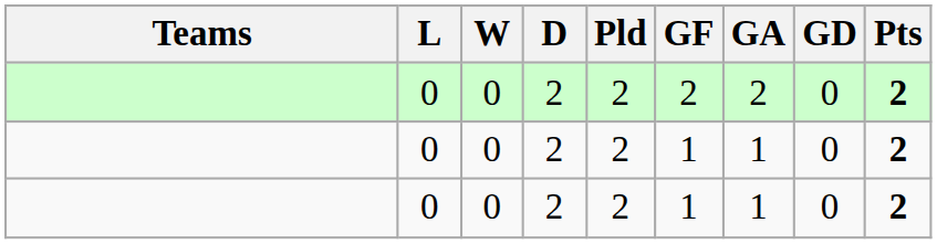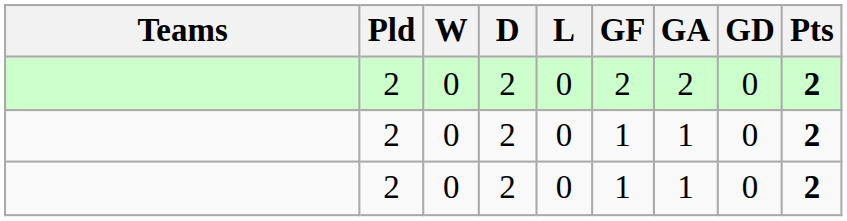 <table class="wikitable" style="text-align: center;">
 <tr>
 <th width=165>Teams</th>
-<th width=20>L</th>
+<th width=20>Pld</th>
 <th width=20>W</th>
 <th width=20>D</th>
-<th width=20>Pld</th>
+<th width=20>L</th>
 <th width=20>GF</th>
 <th width=20>GA</th>
 <th width=20>GD</th>
 <th width=20>Pts</th>
 </tr>
 <tr align=center style="background:#ccffcc;">
 <td style="text-align:left;"></td>
-<td>0</td>
+<td>2</td>
 <td>0</td>
 <td>2</td>
-<td>2</td>
+<td>0</td>
 <td>2</td>
 <td>2</td>
 <td>0</td>
 <td><strong>2</strong></td>
 </tr>
 <tr align=center>
 <td style="text-align:left;"></td>
-<td>0</td>
+<td>2</td>
 <td>0</td>
 <td>2</td>
-<td>2</td>
+<td>0</td>
 <td>1</td>
 <td>1</td>
 <td>0</td>
 <td><strong>2</strong></td>
 </tr>
 <tr align=center>
 <td style="text-align:left;"></td>
-<td>0</td>
+<td>2</td>
 <td>0</td>
 <td>2</td>
-<td>2</td>
+<td>0</td>
 <td>1</td>
 <td>1</td>
 <td>0</td>
 <td><strong>2</strong></td>
 </tr>
 </table>
